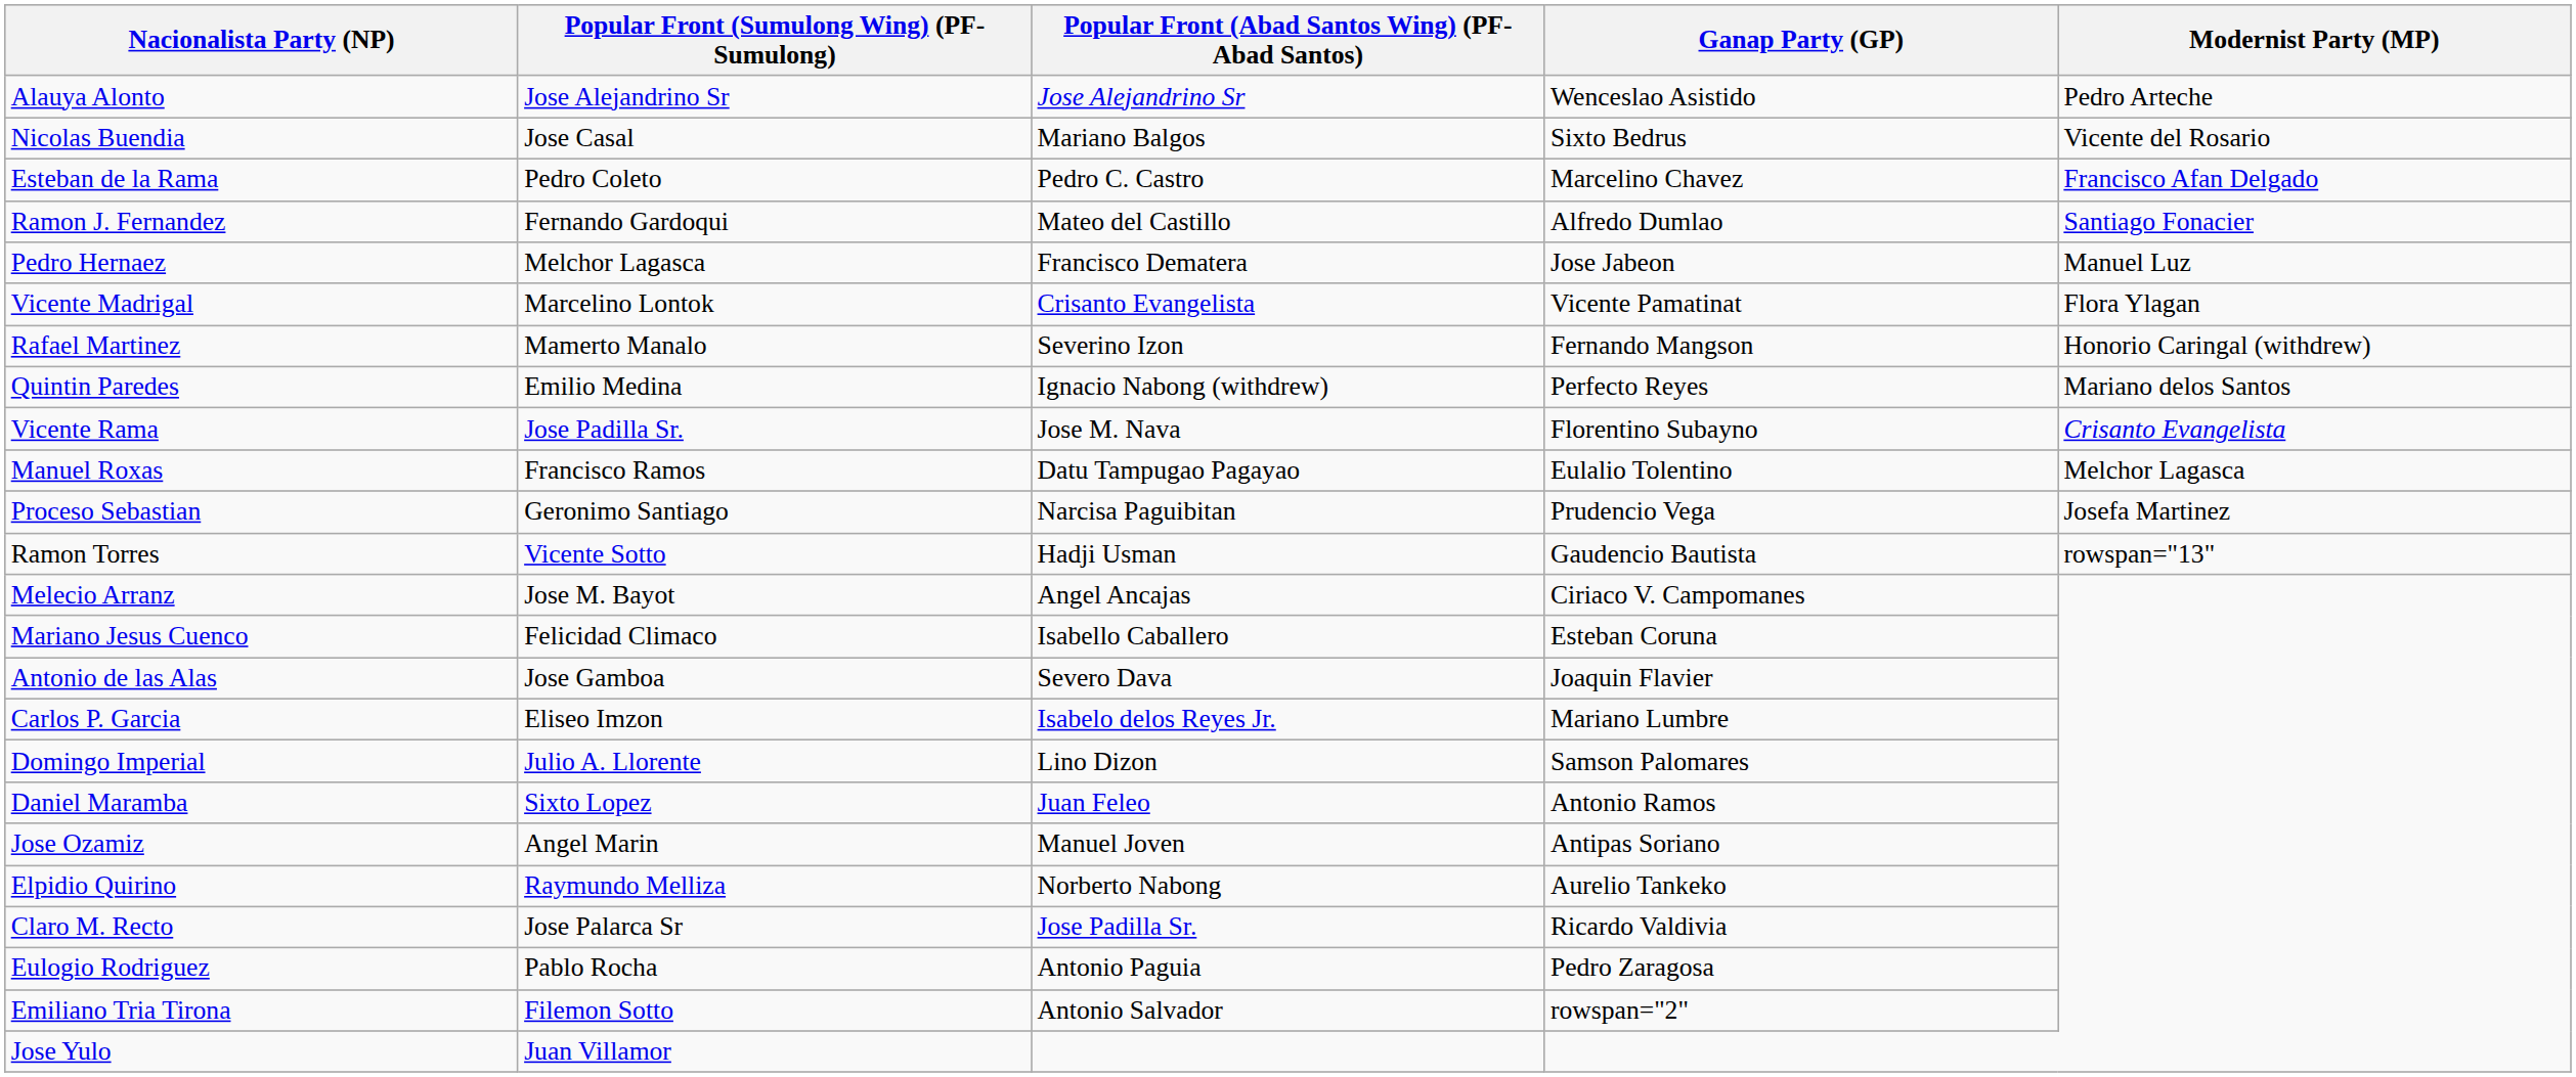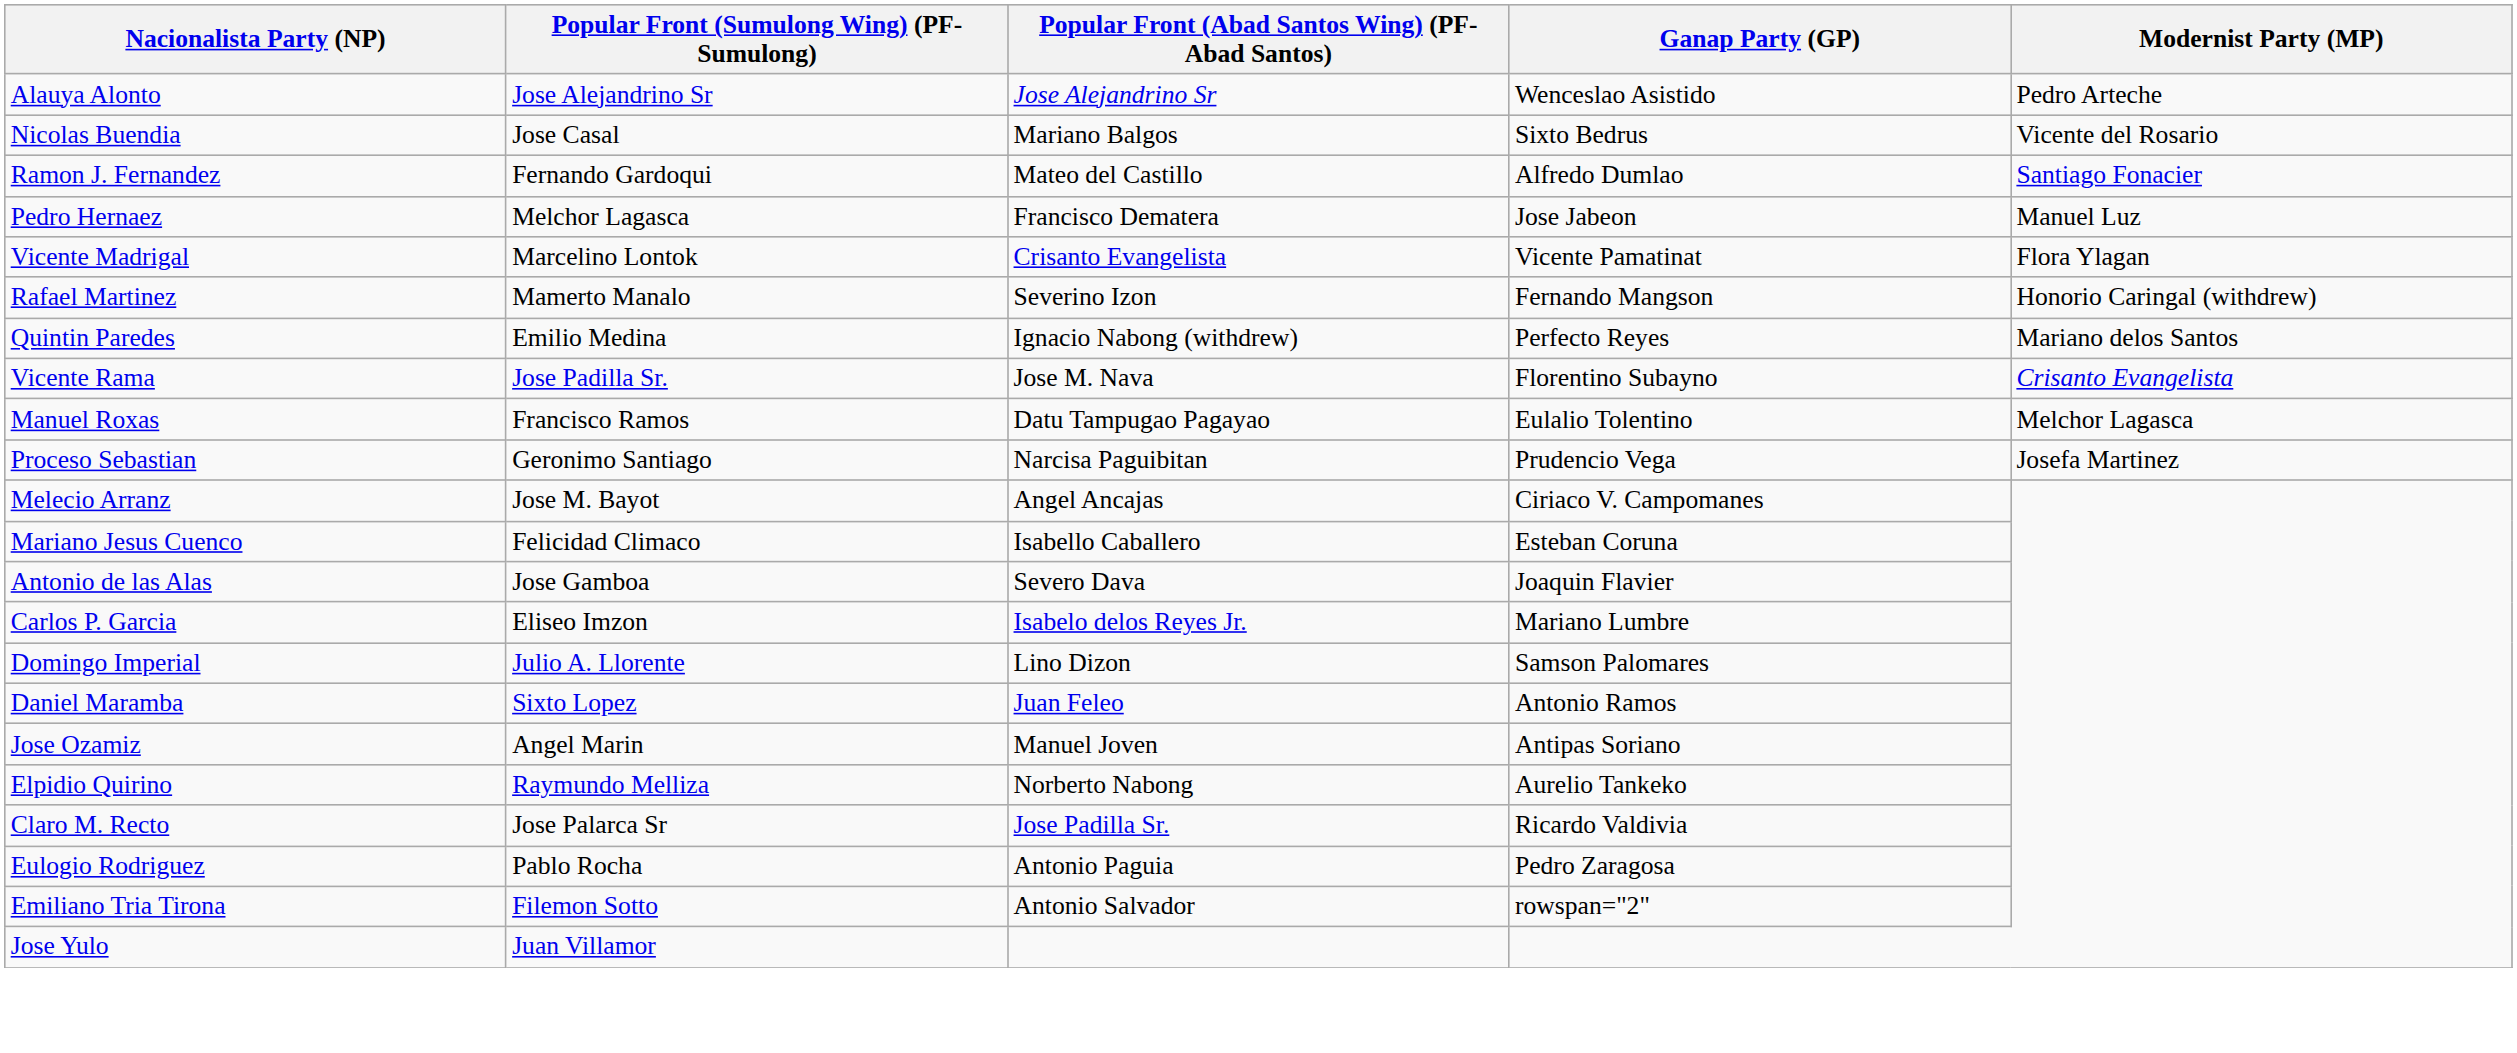 <table class="wikitable">
 <tr>
 <th width="20%"><a href='#'>Nacionalista Party</a> (NP)</th>
 <th width="20%"><a href='#'>Popular Front (Sumulong Wing)</a> (PF-Sumulong)</th>
 <th width="20%"><a href='#'>Popular Front (Abad Santos Wing)</a> (PF-Abad Santos)</th>
 <th width="20%"><a href='#'>Ganap Party</a> (GP)</th>
 <th width="20%">Modernist Party (MP)</th>
 </tr>
 <tr>
 <td><a href='#'>Alauya Alonto</a></td>
 <td><a href='#'>Jose Alejandrino Sr</a></td>
 <td><em><a href='#'>Jose Alejandrino Sr</a></em></td>
 <td>Wenceslao Asistido</td>
 <td>Pedro Arteche</td>
 </tr>
 <tr>
 <td><a href='#'>Nicolas Buendia</a></td>
 <td>Jose Casal</td>
 <td>Mariano Balgos</td>
 <td>Sixto Bedrus</td>
 <td>Vicente del Rosario</td>
-</tr>
-<tr>
-<td><a href='#'>Esteban de la Rama</a></td>
-<td>Pedro Coleto</td>
-<td>Pedro C. Castro</td>
-<td>Marcelino Chavez</td>
-<td><a href='#'>Francisco Afan Delgado</a></td>
 </tr>
 <tr>
 <td><a href='#'>Ramon J. Fernandez</a></td>
 <td>Fernando Gardoqui</td>
 <td>Mateo del Castillo</td>
 <td>Alfredo Dumlao</td>
 <td><a href='#'>Santiago Fonacier</a></td>
 </tr>
 <tr>
 <td><a href='#'>Pedro Hernaez</a></td>
 <td>Melchor Lagasca</td>
 <td>Francisco Dematera</td>
 <td>Jose Jabeon</td>
 <td>Manuel Luz</td>
 </tr>
 <tr>
 <td><a href='#'>Vicente Madrigal</a></td>
 <td>Marcelino Lontok</td>
 <td><a href='#'>Crisanto Evangelista</a></td>
 <td>Vicente Pamatinat</td>
 <td>Flora Ylagan</td>
 </tr>
 <tr>
 <td><a href='#'>Rafael Martinez</a></td>
 <td>Mamerto Manalo</td>
 <td>Severino Izon</td>
 <td>Fernando Mangson</td>
 <td>Honorio Caringal (withdrew)</td>
 </tr>
 <tr>
 <td><a href='#'>Quintin Paredes</a></td>
 <td>Emilio Medina</td>
 <td>Ignacio Nabong (withdrew)</td>
 <td>Perfecto Reyes</td>
 <td>Mariano delos Santos</td>
 </tr>
 <tr>
 <td><a href='#'>Vicente Rama</a></td>
 <td><a href='#'>Jose Padilla Sr.</a></td>
 <td>Jose M. Nava</td>
 <td>Florentino Subayno</td>
 <td><em><a href='#'>Crisanto Evangelista</a></em></td>
 </tr>
 <tr>
 <td><a href='#'>Manuel Roxas</a></td>
 <td>Francisco Ramos</td>
 <td>Datu Tampugao Pagayao</td>
 <td>Eulalio Tolentino</td>
 <td>Melchor Lagasca</td>
 </tr>
 <tr>
 <td><a href='#'>Proceso Sebastian</a></td>
 <td>Geronimo Santiago</td>
 <td>Narcisa Paguibitan</td>
 <td>Prudencio Vega</td>
 <td>Josefa Martinez</td>
-</tr>
-<tr>
-<td>Ramon Torres</td>
-<td><a href='#'>Vicente Sotto</a></td>
-<td>Hadji Usman</td>
-<td>Gaudencio Bautista</td>
-<td>rowspan="13" </td>
 </tr>
 <tr>
 <td><a href='#'>Melecio Arranz</a></td>
 <td>Jose M. Bayot</td>
 <td>Angel Ancajas</td>
 <td>Ciriaco V. Campomanes</td>
 </tr>
 <tr>
 <td><a href='#'>Mariano Jesus Cuenco</a></td>
 <td>Felicidad Climaco</td>
 <td>Isabello Caballero</td>
 <td>Esteban Coruna</td>
 </tr>
 <tr>
 <td><a href='#'>Antonio de las Alas</a></td>
 <td>Jose Gamboa</td>
 <td>Severo Dava</td>
 <td>Joaquin Flavier</td>
 </tr>
 <tr>
 <td><a href='#'>Carlos P. Garcia</a></td>
 <td>Eliseo Imzon</td>
 <td><a href='#'>Isabelo delos Reyes Jr.</a></td>
 <td>Mariano Lumbre</td>
 </tr>
 <tr>
 <td><a href='#'>Domingo Imperial</a></td>
 <td><a href='#'>Julio A. Llorente</a></td>
 <td>Lino Dizon</td>
 <td>Samson Palomares</td>
 </tr>
 <tr>
 <td><a href='#'>Daniel Maramba</a></td>
 <td><a href='#'>Sixto Lopez</a></td>
 <td><a href='#'>Juan Feleo</a></td>
 <td>Antonio Ramos</td>
 </tr>
 <tr>
 <td><a href='#'>Jose Ozamiz</a></td>
 <td>Angel Marin</td>
 <td>Manuel Joven</td>
 <td>Antipas Soriano</td>
 </tr>
 <tr>
 <td><a href='#'>Elpidio Quirino</a></td>
 <td><a href='#'>Raymundo Melliza</a></td>
 <td>Norberto Nabong</td>
 <td>Aurelio Tankeko</td>
 </tr>
 <tr>
 <td><a href='#'>Claro M. Recto</a></td>
 <td>Jose Palarca Sr</td>
 <td><a href='#'>Jose Padilla Sr.</a></td>
 <td>Ricardo Valdivia</td>
 </tr>
 <tr>
 <td><a href='#'>Eulogio Rodriguez</a></td>
 <td>Pablo Rocha</td>
 <td>Antonio Paguia</td>
 <td>Pedro Zaragosa</td>
 </tr>
 <tr>
 <td><a href='#'>Emiliano Tria Tirona</a></td>
 <td><a href='#'>Filemon Sotto</a></td>
 <td>Antonio Salvador</td>
 <td>rowspan="2" </td>
 </tr>
 <tr>
 <td><a href='#'>Jose Yulo</a></td>
 <td><a href='#'>Juan Villamor</a></td>
 <td></td>
 </tr>
 </table>
